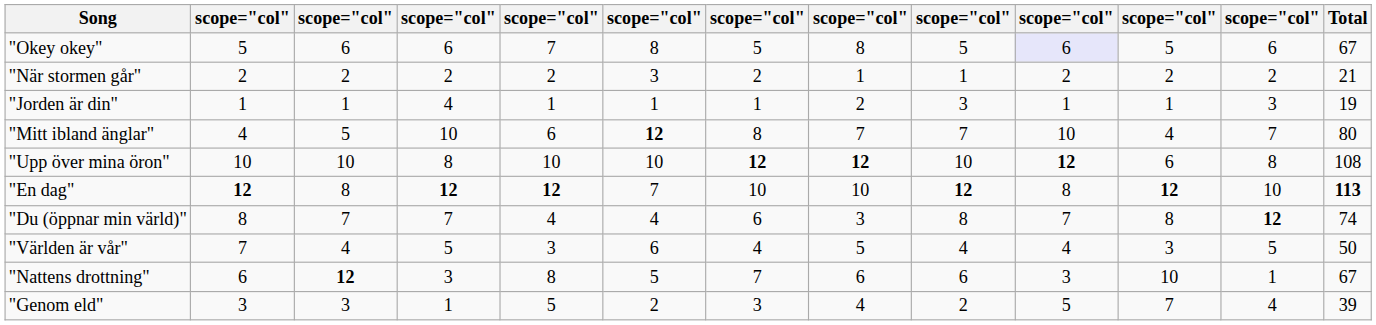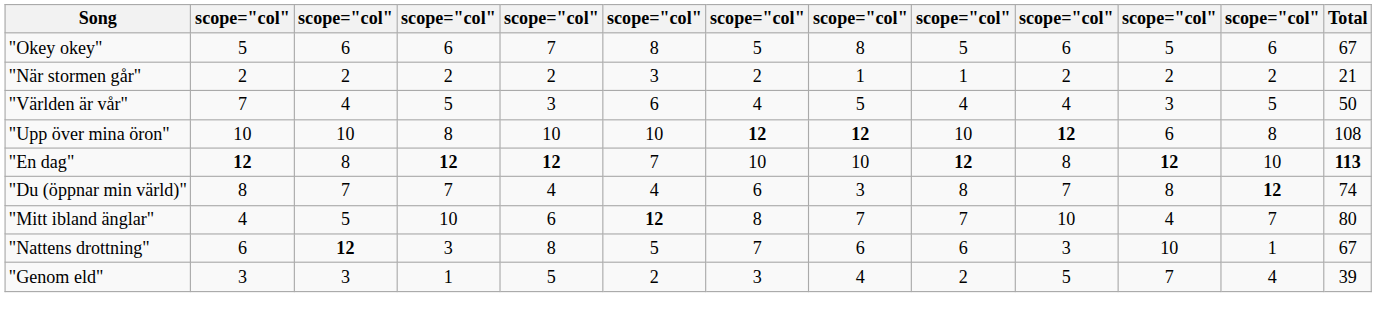 <table class="wikitable plainrowheaders" style="margin: 1em auto 1em auto; text-align:center;">
 <tr>
 <th scope="col">Song</th>
 <th>scope="col" </th>
 <th>scope="col" </th>
 <th>scope="col" </th>
 <th>scope="col" </th>
 <th>scope="col" </th>
 <th>scope="col" </th>
 <th>scope="col" </th>
 <th>scope="col" </th>
 <th>scope="col" </th>
 <th>scope="col" </th>
 <th>scope="col" </th>
 <th scope="col">Total</th>
 </tr>
 <tr --->
 <td align="left">"Okey okey"</td>
 <td>5</td>
 <td>6</td>
 <td>6</td>
 <td>7</td>
 <td>8</td>
 <td>5</td>
 <td>8</td>
 <td>5</td>
-<td style="background: lavender;">6</td>
+<td>6</td>
 <td>5</td>
 <td>6</td>
 <td>67</td>
 </tr>
 <tr --->
 <td align="left">"När stormen går"</td>
 <td>2</td>
 <td>2</td>
 <td>2</td>
 <td>2</td>
 <td>3</td>
 <td>2</td>
 <td>1</td>
 <td>1</td>
 <td>2</td>
 <td>2</td>
 <td>2</td>
 <td>21</td>
 </tr>
 <tr --->
-<td align="left">"Jorden är din"</td>
-<td>1</td>
-<td>1</td>
-<td>4</td>
-<td>1</td>
-<td>1</td>
-<td>1</td>
-<td>2</td>
-<td>3</td>
-<td>1</td>
-<td>1</td>
-<td>3</td>
-<td>19</td>
-</tr>
-<tr --->
-<td align="left">"Mitt ibland änglar"</td>
+<td align="left">"Världen är vår"</td>
+<td>7</td>
 <td>4</td>
 <td>5</td>
-<td>10</td>
+<td>3</td>
 <td>6</td>
-<td><strong>12</strong></td>
-<td>8</td>
-<td>7</td>
-<td>7</td>
-<td>10</td>
 <td>4</td>
-<td>7</td>
-<td>80</td>
+<td>5</td>
+<td>4</td>
+<td>4</td>
+<td>3</td>
+<td>5</td>
+<td>50</td>
 </tr>
 <tr --->
 <td align="left">"Upp över mina öron"</td>
 <td>10</td>
 <td>10</td>
 <td>8</td>
 <td>10</td>
 <td>10</td>
 <td><strong>12</strong></td>
 <td><strong>12</strong></td>
 <td>10</td>
 <td><strong>12</strong></td>
 <td>6</td>
 <td>8</td>
 <td>108</td>
 </tr>
 <tr --->
 <td align="left">"En dag"</td>
 <td><strong>12</strong></td>
 <td>8</td>
 <td><strong>12</strong></td>
 <td><strong>12</strong></td>
 <td>7</td>
 <td>10</td>
 <td>10</td>
 <td><strong>12</strong></td>
 <td>8</td>
 <td><strong>12</strong></td>
 <td>10</td>
 <td><strong>113</strong></td>
 </tr>
 <tr --->
 <td align="left">"Du (öppnar min värld)"</td>
 <td>8</td>
 <td>7</td>
 <td>7</td>
 <td>4</td>
 <td>4</td>
 <td>6</td>
 <td>3</td>
 <td>8</td>
 <td>7</td>
 <td>8</td>
 <td><strong>12</strong></td>
 <td>74</td>
 </tr>
 <tr --->
-<td align="left">"Världen är vår"</td>
-<td>7</td>
+<td align="left">"Mitt ibland änglar"</td>
 <td>4</td>
 <td>5</td>
-<td>3</td>
+<td>10</td>
 <td>6</td>
+<td><strong>12</strong></td>
+<td>8</td>
+<td>7</td>
+<td>7</td>
+<td>10</td>
 <td>4</td>
-<td>5</td>
-<td>4</td>
-<td>4</td>
-<td>3</td>
-<td>5</td>
-<td>50</td>
+<td>7</td>
+<td>80</td>
 </tr>
 <tr --->
 <td align="left">"Nattens drottning"</td>
 <td>6</td>
 <td><strong>12</strong></td>
 <td>3</td>
 <td>8</td>
 <td>5</td>
 <td>7</td>
 <td>6</td>
 <td>6</td>
 <td>3</td>
 <td>10</td>
 <td>1</td>
 <td>67</td>
 </tr>
 <tr --->
 <td align="left">"Genom eld"</td>
 <td>3</td>
 <td>3</td>
 <td>1</td>
 <td>5</td>
 <td>2</td>
 <td>3</td>
 <td>4</td>
 <td>2</td>
 <td>5</td>
 <td>7</td>
 <td>4</td>
 <td>39</td>
 </tr>
 </table>
